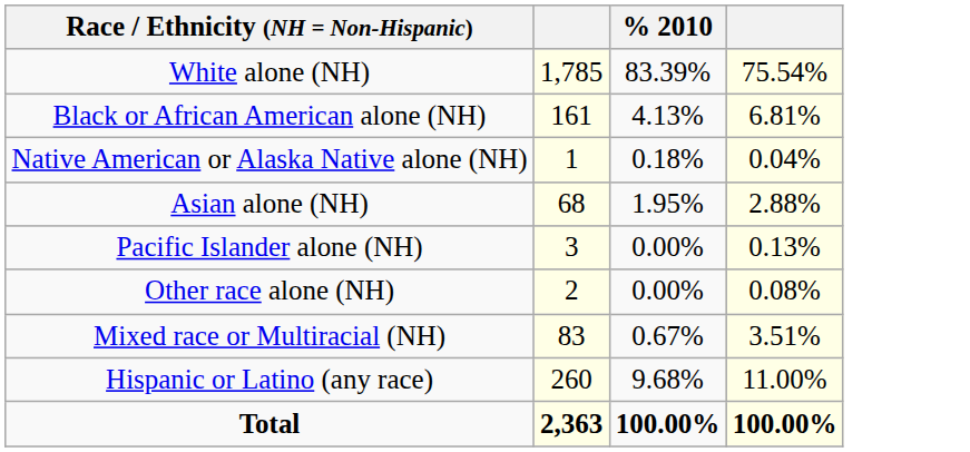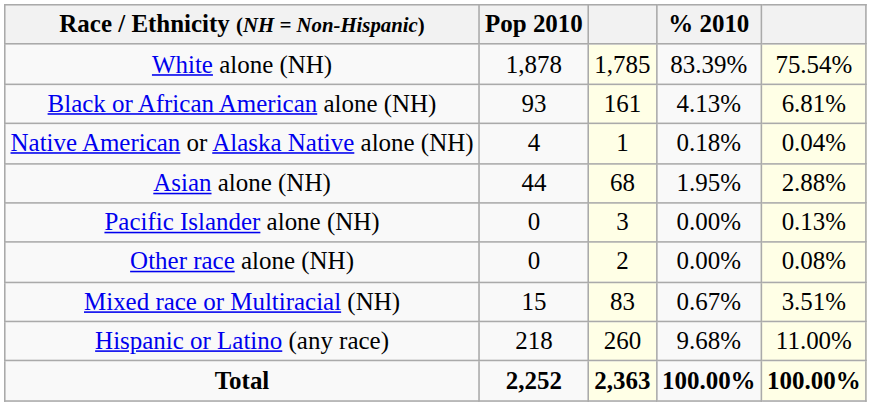 <table class="wikitable" style="text-align:center;">
 <tr>
 <th>Race / Ethnicity <small>(<em>NH = Non-Hispanic</em>)</small></th>
+<th>Pop 2010</th>
 <th></th>
 <th>% 2010</th>
 <th></th>
 </tr>
 <tr>
 <td><a href='#'>White</a> alone (NH)</td>
+<td>1,878</td>
 <td style='background: #ffffe6;'>1,785</td>
 <td>83.39%</td>
 <td style='background: #ffffe6;'>75.54%</td>
 </tr>
 <tr>
 <td><a href='#'>Black or African American</a> alone (NH)</td>
+<td>93</td>
 <td style='background: #ffffe6;'>161</td>
 <td>4.13%</td>
 <td style='background: #ffffe6;'>6.81%</td>
 </tr>
 <tr>
 <td><a href='#'>Native American</a> or <a href='#'>Alaska Native</a> alone (NH)</td>
+<td>4</td>
 <td style='background: #ffffe6;'>1</td>
 <td>0.18%</td>
 <td style='background: #ffffe6;'>0.04%</td>
 </tr>
 <tr>
 <td><a href='#'>Asian</a> alone (NH)</td>
+<td>44</td>
 <td style='background: #ffffe6;'>68</td>
 <td>1.95%</td>
 <td style='background: #ffffe6;'>2.88%</td>
 </tr>
 <tr>
 <td><a href='#'>Pacific Islander</a> alone (NH)</td>
+<td>0</td>
 <td style='background: #ffffe6;'>3</td>
 <td>0.00%</td>
 <td style='background: #ffffe6;'>0.13%</td>
 </tr>
 <tr>
 <td><a href='#'>Other race</a> alone (NH)</td>
+<td>0</td>
 <td style='background: #ffffe6;'>2</td>
 <td>0.00%</td>
 <td style='background: #ffffe6;'>0.08%</td>
 </tr>
 <tr>
 <td><a href='#'>Mixed race or Multiracial</a> (NH)</td>
+<td>15</td>
 <td style='background: #ffffe6;'>83</td>
 <td>0.67%</td>
 <td style='background: #ffffe6;'>3.51%</td>
 </tr>
 <tr>
 <td><a href='#'>Hispanic or Latino</a> (any race)</td>
+<td>218</td>
 <td style='background: #ffffe6;'>260</td>
 <td>9.68%</td>
 <td style='background: #ffffe6;'>11.00%</td>
 </tr>
 <tr>
 <td><strong>Total</strong></td>
+<td><strong>2,252</strong></td>
 <td style='background: #ffffe6;'><strong>2,363</strong></td>
 <td><strong>100.00%</strong></td>
 <td style='background: #ffffe6;'><strong>100.00%</strong></td>
 </tr>
 </table>
